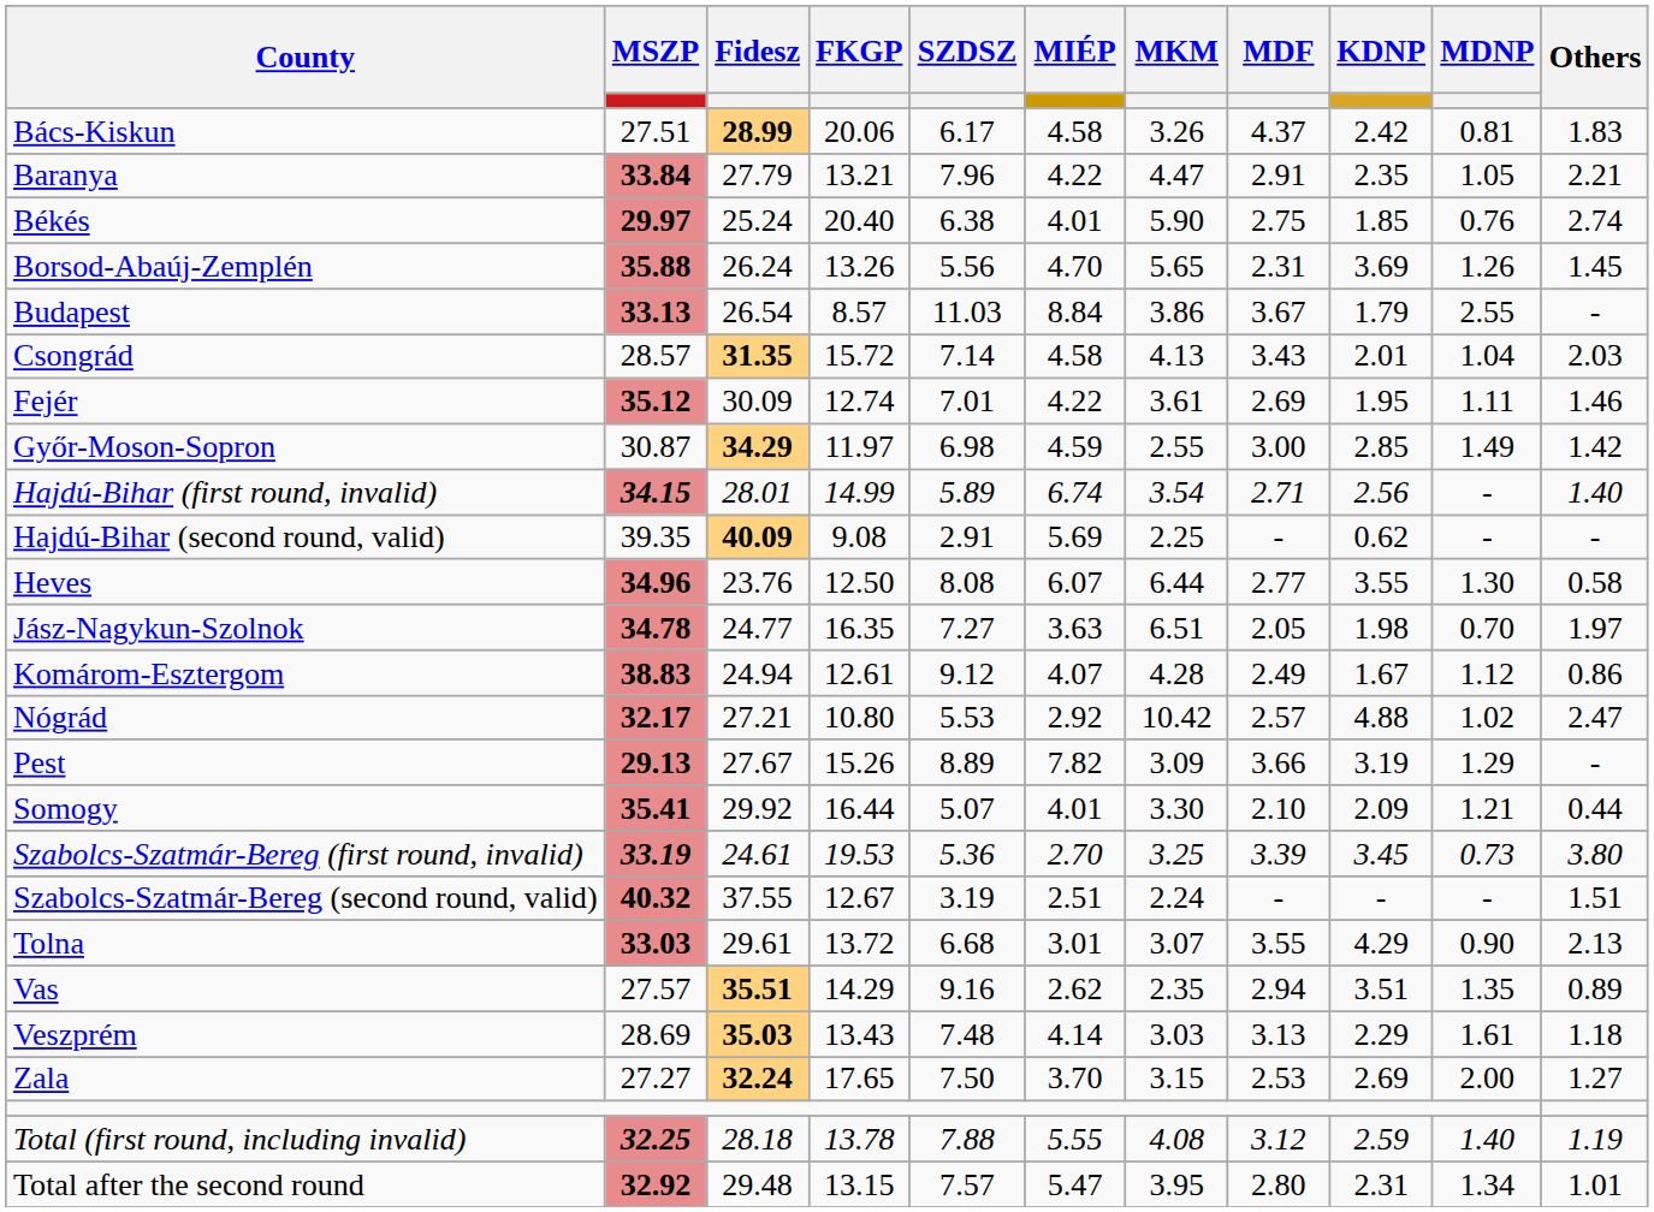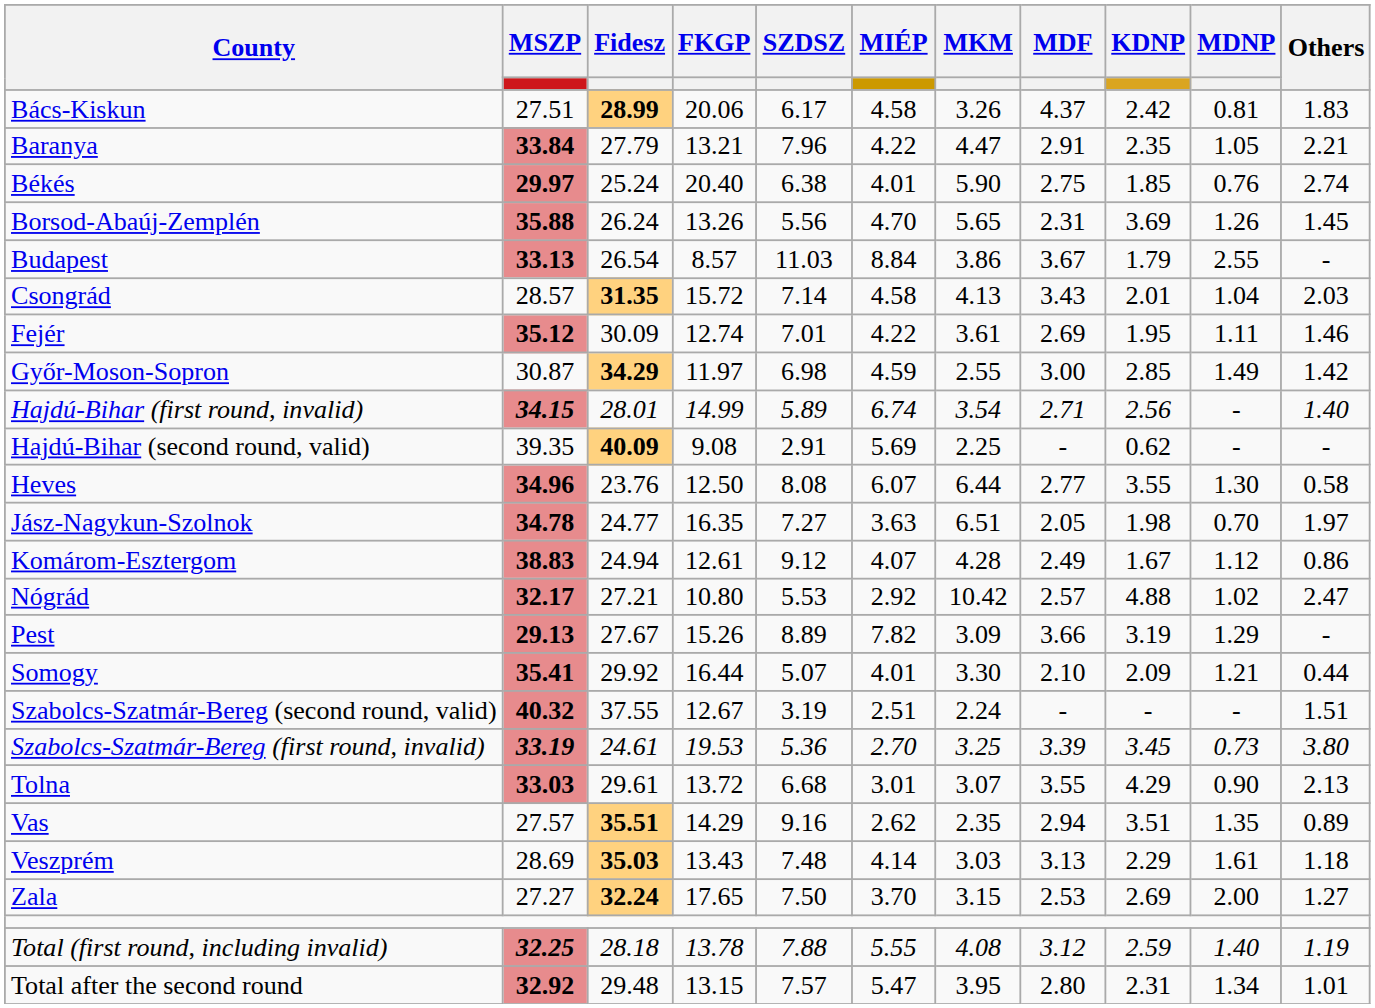 <table class="wikitable sortable" style="text-align:center;font-size:90%;line-height:14px">
 <tr style="height:40px;">
 <th rowspan="2"><a href='#'>County</a></th>
 <th style="width:40px;"><a href='#'>MSZP</a></th>
 <th style="width:40px;"><a href='#'>Fidesz</a></th>
 <th style="width:40px;"><a href='#'>FKGP</a></th>
 <th style="width:40px;"><a href='#'>SZDSZ</a></th>
 <th style="width:40px;"><a href='#'>MIÉP</a></th>
 <th style="width:40px;"><a href='#'>MKM</a></th>
 <th style="width:40px;"><a href='#'>MDF</a></th>
 <th style="width:40px;"><a href='#'>KDNP</a></th>
 <th style="width:40px;"><a href='#'>MDNP</a></th>
 <th class="unsortable" style="width:40px;" rowspan="2">Others</th>
 </tr>
 <tr>
 <th style="background:#CE171B;"></th>
 <th style="background:"></th>
 <th style="background:"></th>
 <th style="background:"></th>
 <th style="background:#CC9900;"></th>
 <th style="background:"></th>
 <th style="background:"></th>
 <th style="background:#DAA520;"></th>
 <th style="background:"></th>
 </tr>
 <tr>
 <td align="left"><a href='#'>Bács-Kiskun</a></td>
 <td>27.51</td>
 <td style="background:#ffd27f;"><strong>28.99</strong></td>
 <td>20.06</td>
 <td>6.17</td>
 <td>4.58</td>
 <td>3.26</td>
 <td>4.37</td>
 <td>2.42</td>
 <td>0.81</td>
 <td>1.83</td>
 </tr>
 <tr>
 <td align="left"><a href='#'>Baranya</a></td>
 <td style="background:#e78b8d;"><strong>33.84</strong></td>
 <td>27.79</td>
 <td>13.21</td>
 <td>7.96</td>
 <td>4.22</td>
 <td>4.47</td>
 <td>2.91</td>
 <td>2.35</td>
 <td>1.05</td>
 <td>2.21</td>
 </tr>
 <tr>
 <td align="left"><a href='#'>Békés</a></td>
 <td style="background:#e78b8d;"><strong>29.97</strong></td>
 <td>25.24</td>
 <td>20.40</td>
 <td>6.38</td>
 <td>4.01</td>
 <td>5.90</td>
 <td>2.75</td>
 <td>1.85</td>
 <td>0.76</td>
 <td>2.74</td>
 </tr>
 <tr>
 <td align="left"><a href='#'>Borsod-Abaúj-Zemplén</a></td>
 <td style="background:#e78b8d;"><strong>35.88</strong></td>
 <td>26.24</td>
 <td>13.26</td>
 <td>5.56</td>
 <td>4.70</td>
 <td>5.65</td>
 <td>2.31</td>
 <td>3.69</td>
 <td>1.26</td>
 <td>1.45</td>
 </tr>
 <tr>
 <td align="left"><a href='#'>Budapest</a></td>
 <td style="background:#e78b8d;"><strong>33.13</strong></td>
 <td>26.54</td>
 <td>8.57</td>
 <td>11.03</td>
 <td>8.84</td>
 <td>3.86</td>
 <td>3.67</td>
 <td>1.79</td>
 <td>2.55</td>
 <td>-</td>
 </tr>
 <tr>
 <td align="left"><a href='#'>Csongrád</a></td>
 <td>28.57</td>
 <td style="background:#ffd27f;"><strong>31.35</strong></td>
 <td>15.72</td>
 <td>7.14</td>
 <td>4.58</td>
 <td>4.13</td>
 <td>3.43</td>
 <td>2.01</td>
 <td>1.04</td>
 <td>2.03</td>
 </tr>
 <tr>
 <td align="left"><a href='#'>Fejér</a></td>
 <td style="background:#e78b8d;"><strong>35.12</strong></td>
 <td>30.09</td>
 <td>12.74</td>
 <td>7.01</td>
 <td>4.22</td>
 <td>3.61</td>
 <td>2.69</td>
 <td>1.95</td>
 <td>1.11</td>
 <td>1.46</td>
 </tr>
 <tr>
 <td align="left"><a href='#'>Győr-Moson-Sopron</a></td>
 <td>30.87</td>
 <td style="background:#ffd27f;"><strong>34.29</strong></td>
 <td>11.97</td>
 <td>6.98</td>
 <td>4.59</td>
 <td>2.55</td>
 <td>3.00</td>
 <td>2.85</td>
 <td>1.49</td>
 <td>1.42</td>
 </tr>
 <tr>
 <td align="left"><em><a href='#'>Hajdú-Bihar</a> (first round, invalid)</em></td>
 <td style="background:#e78b8d;"><strong><em>34.15</em></strong></td>
 <td><em>28.01</em></td>
 <td><em>14.99</em></td>
 <td><em>5.89</em></td>
 <td><em>6.74</em></td>
 <td><em>3.54</em></td>
 <td><em>2.71</em></td>
 <td><em>2.56</em></td>
 <td><em>-</em></td>
 <td><em>1.40</em></td>
 </tr>
 <tr>
 <td align="left"><a href='#'>Hajdú-Bihar</a> (second round, valid)</td>
 <td>39.35</td>
 <td style="background:#ffd27f;"><strong>40.09</strong></td>
 <td>9.08</td>
 <td>2.91</td>
 <td>5.69</td>
 <td>2.25</td>
 <td>-</td>
 <td>0.62</td>
 <td>-</td>
 <td>-</td>
 </tr>
 <tr>
 <td align="left"><a href='#'>Heves</a></td>
 <td style="background:#e78b8d;"><strong>34.96</strong></td>
 <td>23.76</td>
 <td>12.50</td>
 <td>8.08</td>
 <td>6.07</td>
 <td>6.44</td>
 <td>2.77</td>
 <td>3.55</td>
 <td>1.30</td>
 <td>0.58</td>
 </tr>
 <tr>
 <td align="left"><a href='#'>Jász-Nagykun-Szolnok</a></td>
 <td style="background:#e78b8d;"><strong>34.78</strong></td>
 <td>24.77</td>
 <td>16.35</td>
 <td>7.27</td>
 <td>3.63</td>
 <td>6.51</td>
 <td>2.05</td>
 <td>1.98</td>
 <td>0.70</td>
 <td>1.97</td>
 </tr>
 <tr>
 <td align="left"><a href='#'>Komárom-Esztergom</a></td>
 <td style="background:#e78b8d;"><strong>38.83</strong></td>
 <td>24.94</td>
 <td>12.61</td>
 <td>9.12</td>
 <td>4.07</td>
 <td>4.28</td>
 <td>2.49</td>
 <td>1.67</td>
 <td>1.12</td>
 <td>0.86</td>
 </tr>
 <tr>
 <td align="left"><a href='#'>Nógrád</a></td>
 <td style="background:#e78b8d;"><strong>32.17</strong></td>
 <td>27.21</td>
 <td>10.80</td>
 <td>5.53</td>
 <td>2.92</td>
 <td>10.42</td>
 <td>2.57</td>
 <td>4.88</td>
 <td>1.02</td>
 <td>2.47</td>
 </tr>
 <tr>
 <td align="left"><a href='#'>Pest</a></td>
 <td style="background:#e78b8d;"><strong>29.13</strong></td>
 <td>27.67</td>
 <td>15.26</td>
 <td>8.89</td>
 <td>7.82</td>
 <td>3.09</td>
 <td>3.66</td>
 <td>3.19</td>
 <td>1.29</td>
 <td>-</td>
 </tr>
 <tr>
 <td align="left"><a href='#'>Somogy</a></td>
 <td style="background:#e78b8d;"><strong>35.41</strong></td>
 <td>29.92</td>
 <td>16.44</td>
 <td>5.07</td>
 <td>4.01</td>
 <td>3.30</td>
 <td>2.10</td>
 <td>2.09</td>
 <td>1.21</td>
 <td>0.44</td>
 </tr>
 <tr>
+<td align="left"><a href='#'>Szabolcs-Szatmár-Bereg</a> (second round, valid)</td>
+<td style="background:#e78b8d;"><strong>40.32</strong></td>
+<td>37.55</td>
+<td>12.67</td>
+<td>3.19</td>
+<td>2.51</td>
+<td>2.24</td>
+<td>-</td>
+<td>-</td>
+<td>-</td>
+<td>1.51</td>
+</tr>
+<tr>
 <td align="left"><em><a href='#'>Szabolcs-Szatmár-Bereg</a> (first round, invalid)</em></td>
 <td style="background:#e78b8d;"><strong><em>33.19</em></strong></td>
 <td><em>24.61</em></td>
 <td><em>19.53</em></td>
 <td><em>5.36</em></td>
 <td><em>2.70</em></td>
 <td><em>3.25</em></td>
 <td><em>3.39</em></td>
 <td><em>3.45</em></td>
 <td><em>0.73</em></td>
 <td><em>3.80</em></td>
-</tr>
-<tr>
-<td align="left"><a href='#'>Szabolcs-Szatmár-Bereg</a> (second round, valid)</td>
-<td style="background:#e78b8d;"><strong>40.32</strong></td>
-<td>37.55</td>
-<td>12.67</td>
-<td>3.19</td>
-<td>2.51</td>
-<td>2.24</td>
-<td>-</td>
-<td>-</td>
-<td>-</td>
-<td>1.51</td>
 </tr>
 <tr>
 <td align="left"><a href='#'>Tolna</a></td>
 <td style="background:#e78b8d;"><strong>33.03</strong></td>
 <td>29.61</td>
 <td>13.72</td>
 <td>6.68</td>
 <td>3.01</td>
 <td>3.07</td>
 <td>3.55</td>
 <td>4.29</td>
 <td>0.90</td>
 <td>2.13</td>
 </tr>
 <tr>
 <td align="left"><a href='#'>Vas</a></td>
 <td>27.57</td>
 <td style="background:#ffd27f;"><strong>35.51</strong></td>
 <td>14.29</td>
 <td>9.16</td>
 <td>2.62</td>
 <td>2.35</td>
 <td>2.94</td>
 <td>3.51</td>
 <td>1.35</td>
 <td>0.89</td>
 </tr>
 <tr>
 <td align="left"><a href='#'>Veszprém</a></td>
 <td>28.69</td>
 <td style="background:#ffd27f;"><strong>35.03</strong></td>
 <td>13.43</td>
 <td>7.48</td>
 <td>4.14</td>
 <td>3.03</td>
 <td>3.13</td>
 <td>2.29</td>
 <td>1.61</td>
 <td>1.18</td>
 </tr>
 <tr>
 <td align="left"><a href='#'>Zala</a></td>
 <td>27.27</td>
 <td style="background:#ffd27f;"><strong>32.24</strong></td>
 <td>17.65</td>
 <td>7.50</td>
 <td>3.70</td>
 <td>3.15</td>
 <td>2.53</td>
 <td>2.69</td>
 <td>2.00</td>
 <td>1.27</td>
 </tr>
 <tr>
 <td colspan=10></td>
 </tr>
 <tr>
 <td align="left"><em>Total (first round, including invalid)</em></td>
 <td style="background:#e78b8d;"><strong><em>32.25</em></strong></td>
 <td><em>28.18</em></td>
 <td><em>13.78</em></td>
 <td><em>7.88</em></td>
 <td><em>5.55</em></td>
 <td><em>4.08</em></td>
 <td><em>3.12</em></td>
 <td><em>2.59</em></td>
 <td><em>1.40</em></td>
 <td><em>1.19</em></td>
 </tr>
 <tr>
 <td align="left">Total after the second round</td>
 <td style="background:#e78b8d;"><strong>32.92</strong></td>
 <td>29.48</td>
 <td>13.15</td>
 <td>7.57</td>
 <td>5.47</td>
 <td>3.95</td>
 <td>2.80</td>
 <td>2.31</td>
 <td>1.34</td>
 <td>1.01</td>
 </tr>
 </table>
